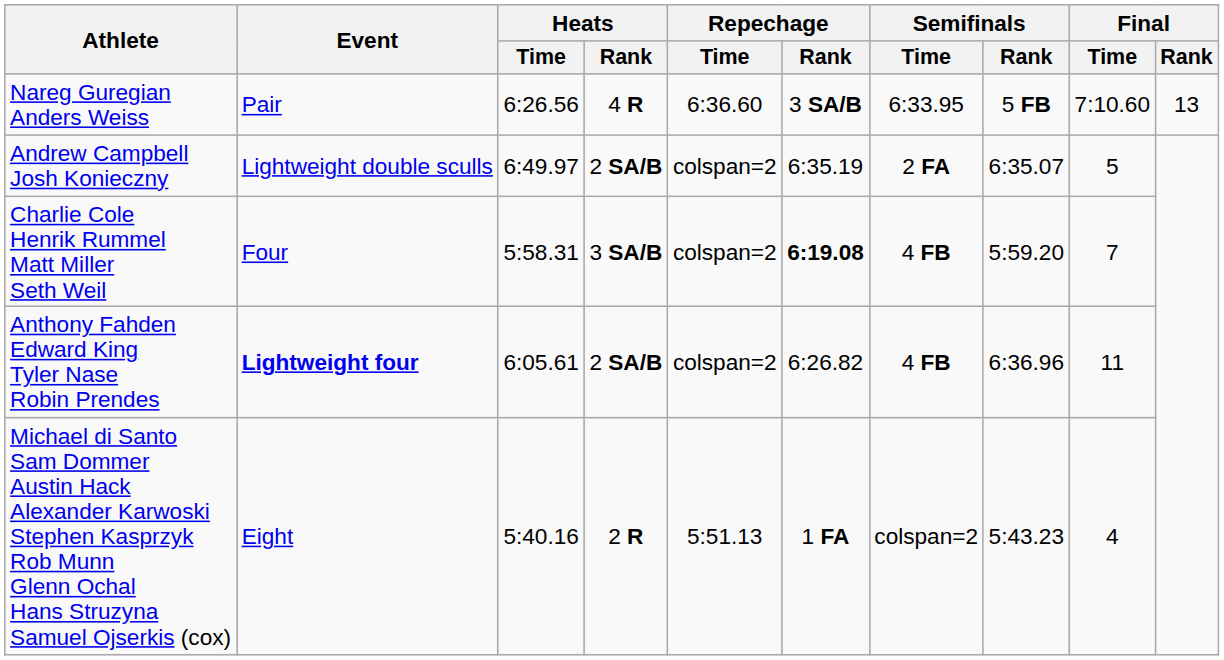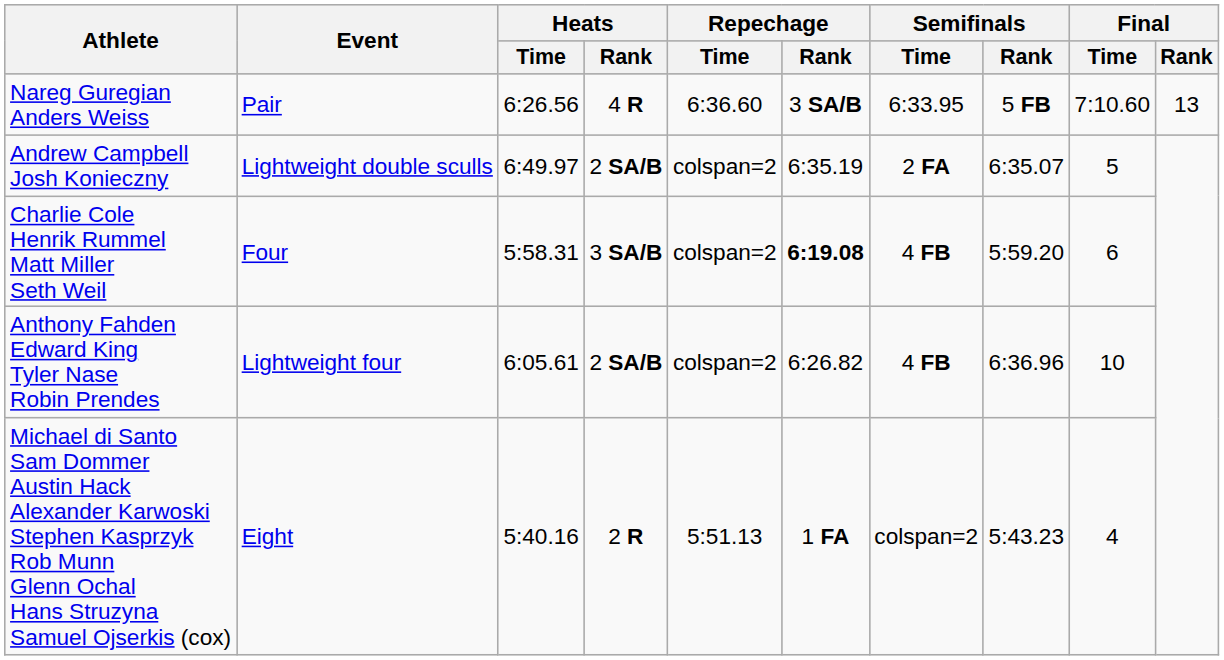 <table class=wikitable style=font-size:90%;text-align:center>
 <tr>
 <th rowspan=2>Athlete</th>
 <th rowspan=2>Event</th>
 <th colspan=2>Heats</th>
 <th colspan=2>Repechage</th>
 <th colspan=2>Semifinals</th>
 <th colspan=2>Final</th>
 </tr>
 <tr style=font-size:95%>
 <th>Time</th>
 <th>Rank</th>
 <th>Time</th>
 <th>Rank</th>
 <th>Time</th>
 <th>Rank</th>
 <th>Time</th>
 <th>Rank</th>
 </tr>
 <tr>
 <td align=left><a href='#'>Nareg Guregian</a><br><a href='#'>Anders Weiss</a></td>
 <td align=left><a href='#'>Pair</a></td>
 <td>6:26.56</td>
 <td>4 <strong>R</strong></td>
 <td>6:36.60</td>
 <td>3 <strong>SA/B</strong></td>
 <td>6:33.95</td>
 <td>5 <strong>FB</strong></td>
 <td>7:10.60</td>
 <td>13</td>
 </tr>
 <tr>
 <td align=left><a href='#'>Andrew Campbell</a><br><a href='#'>Josh Konieczny</a></td>
 <td align=left><a href='#'>Lightweight double sculls</a></td>
 <td>6:49.97</td>
 <td>2 <strong>SA/B</strong></td>
 <td>colspan=2 </td>
 <td>6:35.19</td>
 <td>2 <strong>FA</strong></td>
 <td>6:35.07</td>
 <td>5</td>
 </tr>
 <tr>
 <td align=left><a href='#'>Charlie Cole</a><br><a href='#'>Henrik Rummel</a><br><a href='#'>Matt Miller</a><br><a href='#'>Seth Weil</a></td>
 <td align=left><a href='#'>Four</a></td>
 <td>5:58.31</td>
 <td>3 <strong>SA/B</strong></td>
 <td>colspan=2 </td>
 <td><strong>6:19.08</strong></td>
 <td>4 <strong>FB</strong></td>
 <td>5:59.20</td>
-<td>7</td>
+<td>6</td>
 </tr>
 <tr>
 <td align=left><a href='#'>Anthony Fahden</a><br><a href='#'>Edward King</a><br><a href='#'>Tyler Nase</a><br><a href='#'>Robin Prendes</a></td>
-<td align=left><strong><a href='#'>Lightweight four</a></strong></td>
+<td align=left><a href='#'>Lightweight four</a></td>
 <td>6:05.61</td>
 <td>2 <strong>SA/B</strong></td>
 <td>colspan=2 </td>
 <td>6:26.82</td>
 <td>4 <strong>FB</strong></td>
 <td>6:36.96</td>
-<td>11</td>
+<td>10</td>
 </tr>
 <tr>
 <td align=left><a href='#'>Michael di Santo</a><br><a href='#'>Sam Dommer</a><br><a href='#'>Austin Hack</a><br><a href='#'>Alexander Karwoski</a><br><a href='#'>Stephen Kasprzyk</a><br><a href='#'>Rob Munn</a><br><a href='#'>Glenn Ochal</a><br><a href='#'>Hans Struzyna</a><br><a href='#'>Samuel Ojserkis</a> (cox)</td>
 <td align=left><a href='#'>Eight</a></td>
 <td>5:40.16</td>
 <td>2 <strong>R</strong></td>
 <td>5:51.13</td>
 <td>1 <strong>FA</strong></td>
 <td>colspan=2 </td>
 <td>5:43.23</td>
 <td>4</td>
 </tr>
 </table>
